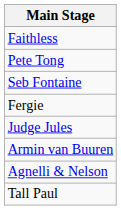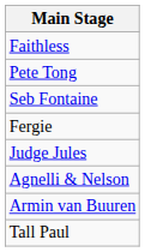 <table class="wikitable">
 <tr>
 <th>Main Stage</th>
 </tr>
 <tr>
 <td><a href='#'>Faithless</a></td>
 </tr>
 <tr>
 <td><a href='#'>Pete Tong</a></td>
 </tr>
 <tr>
 <td><a href='#'>Seb Fontaine</a></td>
 </tr>
 <tr>
 <td>Fergie</td>
 </tr>
 <tr>
 <td><a href='#'>Judge Jules</a></td>
 </tr>
 <tr>
-<td><a href='#'>Armin van Buuren</a></td>
+<td><a href='#'>Agnelli & Nelson</a></td>
 </tr>
 <tr>
-<td><a href='#'>Agnelli & Nelson</a></td>
+<td><a href='#'>Armin van Buuren</a></td>
 </tr>
 <tr>
 <td>Tall Paul</td>
 </tr>
 </table>
